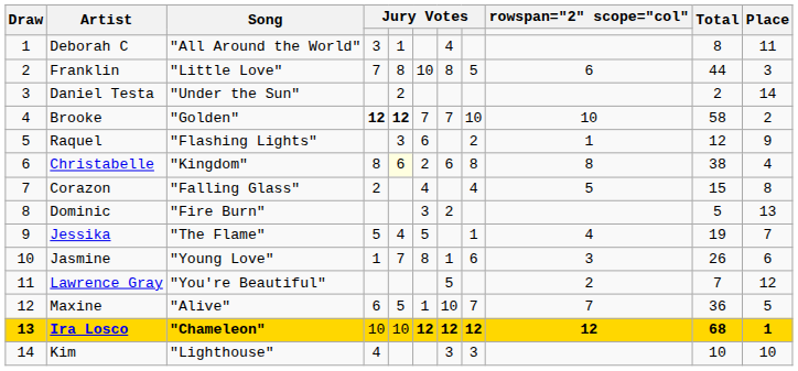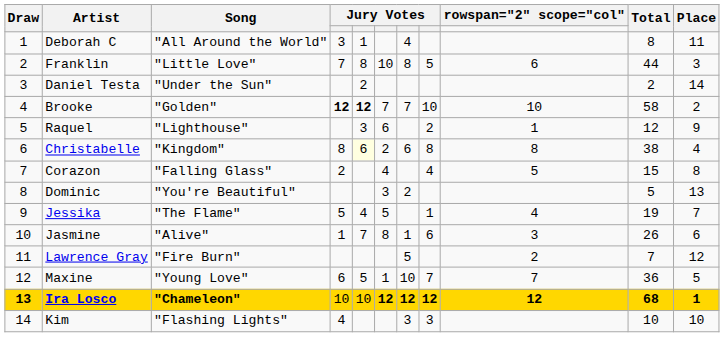 <table class="sortable wikitable" style="margin: 1em auto 1em auto; text-align:center">
 <tr>
 <th rowspan="2" scope="col">Draw</th>
 <th rowspan="2" scope="col">Artist</th>
 <th rowspan="2" scope="col">Song</th>
 <th colspan="5" scope="col">Jury Votes</th>
 <th>rowspan="2" scope="col" </th>
 <th rowspan="2" scope="col">Total</th>
 <th rowspan="2" scope="col">Place</th>
 </tr>
 <tr>
 <th></th>
 <th></th>
 <th></th>
 <th></th>
 <th></th>
 </tr>
 <tr>
 <td>1</td>
 <td align="left">Deborah C</td>
 <td align="left">"All Around the World"</td>
 <td>3</td>
 <td>1</td>
 <td></td>
 <td>4</td>
 <td></td>
 <td></td>
 <td>8</td>
 <td>11</td>
 </tr>
 <tr>
 <td>2</td>
 <td align="left">Franklin</td>
 <td align="left">"Little Love"</td>
 <td>7</td>
 <td>8</td>
 <td>10</td>
 <td>8</td>
 <td>5</td>
 <td>6</td>
 <td>44</td>
 <td>3</td>
 </tr>
 <tr>
 <td>3</td>
 <td align="left">Daniel Testa</td>
 <td align="left">"Under the Sun"</td>
 <td></td>
 <td>2</td>
 <td></td>
 <td></td>
 <td></td>
 <td></td>
 <td>2</td>
 <td>14</td>
 </tr>
 <tr>
 <td>4</td>
 <td align="left">Brooke</td>
 <td align="left">"Golden"</td>
 <td><strong>12</strong></td>
 <td><strong>12</strong></td>
 <td>7</td>
 <td>7</td>
 <td>10</td>
 <td>10</td>
 <td>58</td>
 <td>2</td>
 </tr>
 <tr>
 <td>5</td>
 <td align="left">Raquel</td>
-<td align="left">"Flashing Lights"</td>
+<td align="left">"Lighthouse"</td>
 <td></td>
 <td>3</td>
 <td>6</td>
 <td></td>
 <td>2</td>
 <td>1</td>
 <td>12</td>
 <td>9</td>
 </tr>
 <tr>
 <td>6</td>
 <td align="left"><a href='#'>Christabelle</a></td>
 <td align="left">"Kingdom"</td>
 <td>8</td>
 <td style="background: lightyellow;">6</td>
 <td>2</td>
 <td>6</td>
 <td>8</td>
 <td>8</td>
 <td>38</td>
 <td>4</td>
 </tr>
 <tr>
 <td>7</td>
 <td align="left">Corazon</td>
 <td align="left">"Falling Glass"</td>
 <td>2</td>
 <td></td>
 <td>4</td>
 <td></td>
 <td>4</td>
 <td>5</td>
 <td>15</td>
 <td>8</td>
 </tr>
 <tr>
 <td>8</td>
 <td align="left">Dominic</td>
-<td align="left">"Fire Burn"</td>
+<td align="left">"You're Beautiful"</td>
 <td></td>
 <td></td>
 <td>3</td>
 <td>2</td>
 <td></td>
 <td></td>
 <td>5</td>
 <td>13</td>
 </tr>
 <tr>
 <td>9</td>
 <td align="left"><a href='#'>Jessika</a></td>
 <td align="left">"The Flame"</td>
 <td>5</td>
 <td>4</td>
 <td>5</td>
 <td></td>
 <td>1</td>
 <td>4</td>
 <td>19</td>
 <td>7</td>
 </tr>
 <tr>
 <td>10</td>
 <td align="left">Jasmine</td>
-<td align="left">"Young Love"</td>
+<td align="left">"Alive"</td>
 <td>1</td>
 <td>7</td>
 <td>8</td>
 <td>1</td>
 <td>6</td>
 <td>3</td>
 <td>26</td>
 <td>6</td>
 </tr>
 <tr>
 <td>11</td>
 <td align="left"><a href='#'>Lawrence Gray</a></td>
-<td align="left">"You're Beautiful"</td>
+<td align="left">"Fire Burn"</td>
 <td></td>
 <td></td>
 <td></td>
 <td>5</td>
 <td></td>
 <td>2</td>
 <td>7</td>
 <td>12</td>
 </tr>
 <tr>
 <td>12</td>
 <td align="left">Maxine</td>
-<td align="left">"Alive"</td>
+<td align="left">"Young Love"</td>
 <td>6</td>
 <td>5</td>
 <td>1</td>
 <td>10</td>
 <td>7</td>
 <td>7</td>
 <td>36</td>
 <td>5</td>
 </tr>
 <tr style="background:gold;">
 <td><strong>13</strong></td>
 <td align="left"><a href='#'><strong>Ira Losco</strong></a></td>
 <td align="left"><strong>"Chameleon"</strong></td>
 <td>10</td>
 <td>10</td>
 <td><strong>12</strong></td>
 <td><strong>12</strong></td>
 <td><strong>12</strong></td>
 <td><strong>12</strong></td>
 <td><strong>68</strong></td>
 <td><strong>1</strong></td>
 </tr>
 <tr>
 <td>14</td>
 <td align="left">Kim</td>
-<td align="left">"Lighthouse"</td>
+<td align="left">"Flashing Lights"</td>
 <td>4</td>
 <td></td>
 <td></td>
 <td>3</td>
 <td>3</td>
 <td></td>
 <td>10</td>
 <td>10</td>
 </tr>
 </table>
